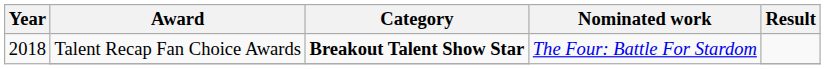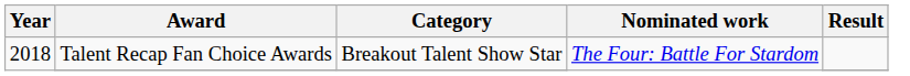 <table class="wikitable sortable" style="text-align: center;">
 <tr>
 <th>Year</th>
 <th>Award</th>
 <th>Category</th>
 <th>Nominated work</th>
 <th>Result</th>
 </tr>
 <tr>
 <td rowspan="2">2018</td>
 <td>Talent Recap Fan Choice Awards</td>
-<td><strong>Breakout Talent Show Star</strong></td>
+<td>Breakout Talent Show Star</td>
 <td rowspan="2"><em><a href='#'>The Four: Battle For Stardom</a></em></td>
 <td></td>
 </tr>
 <tr>
 </tr>
 </table>
